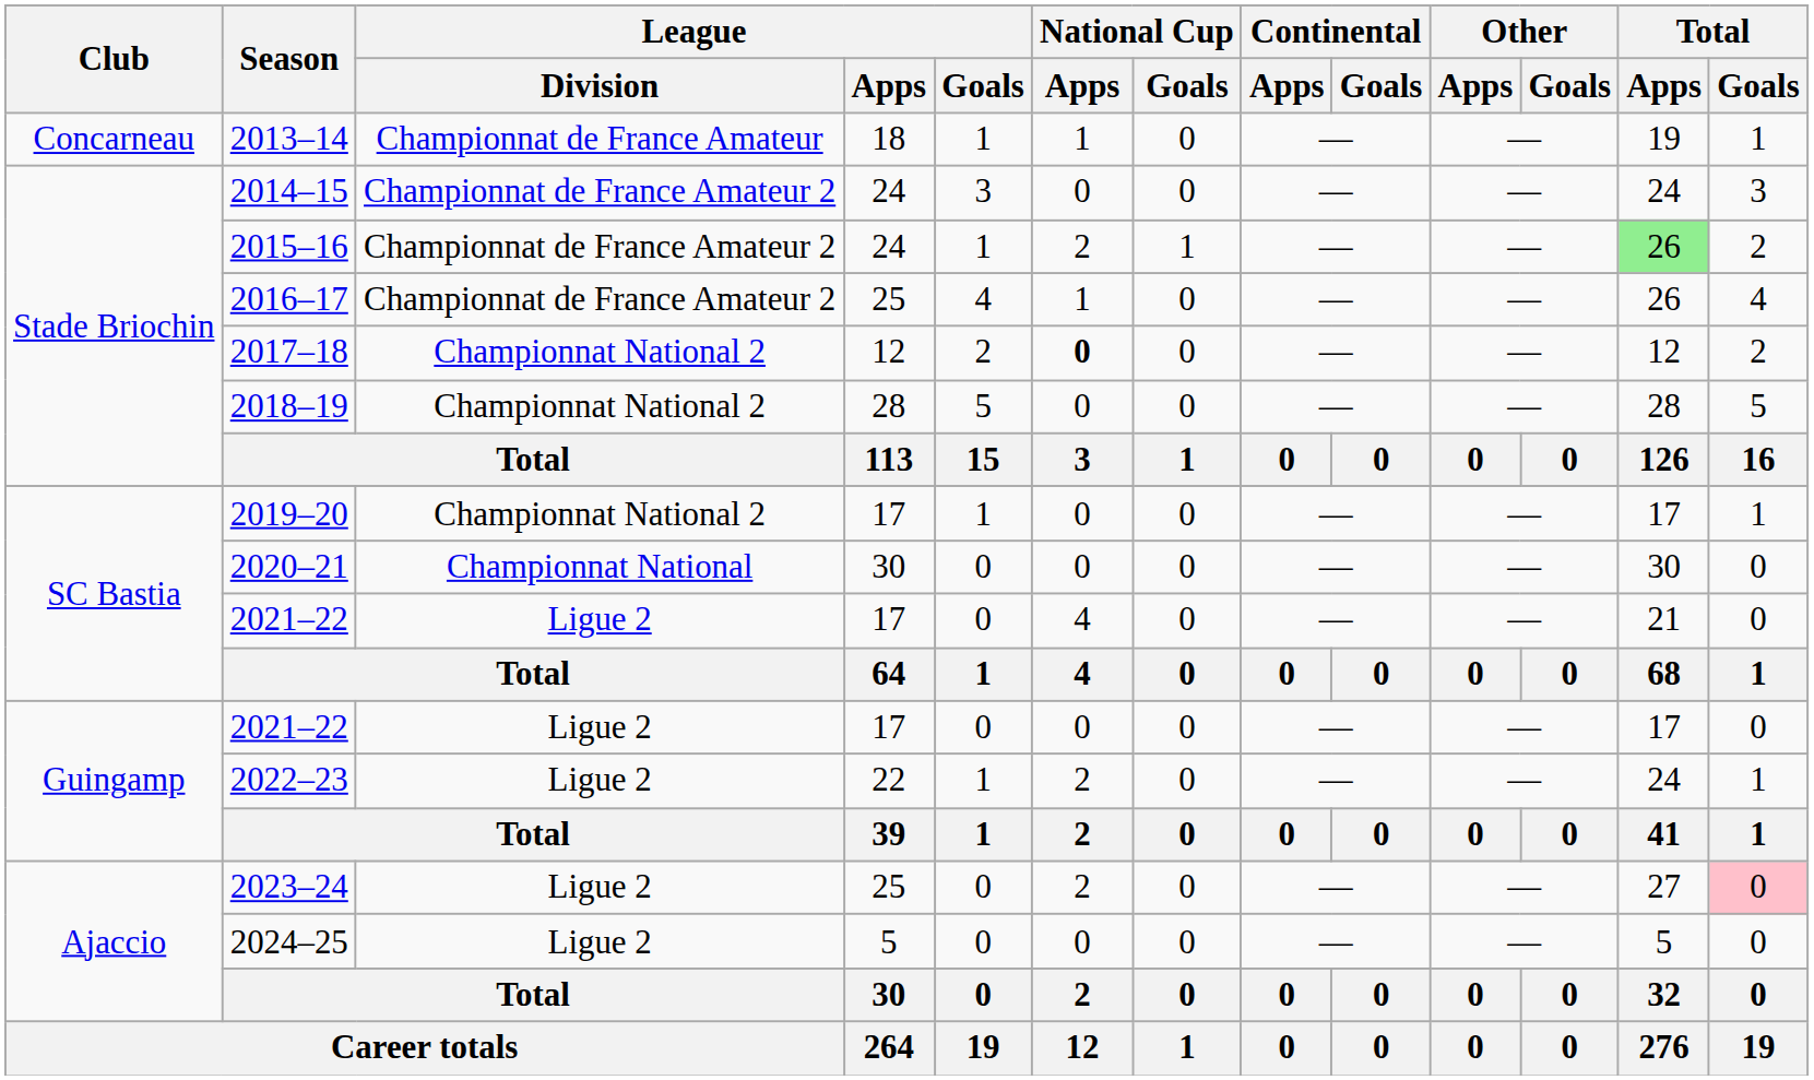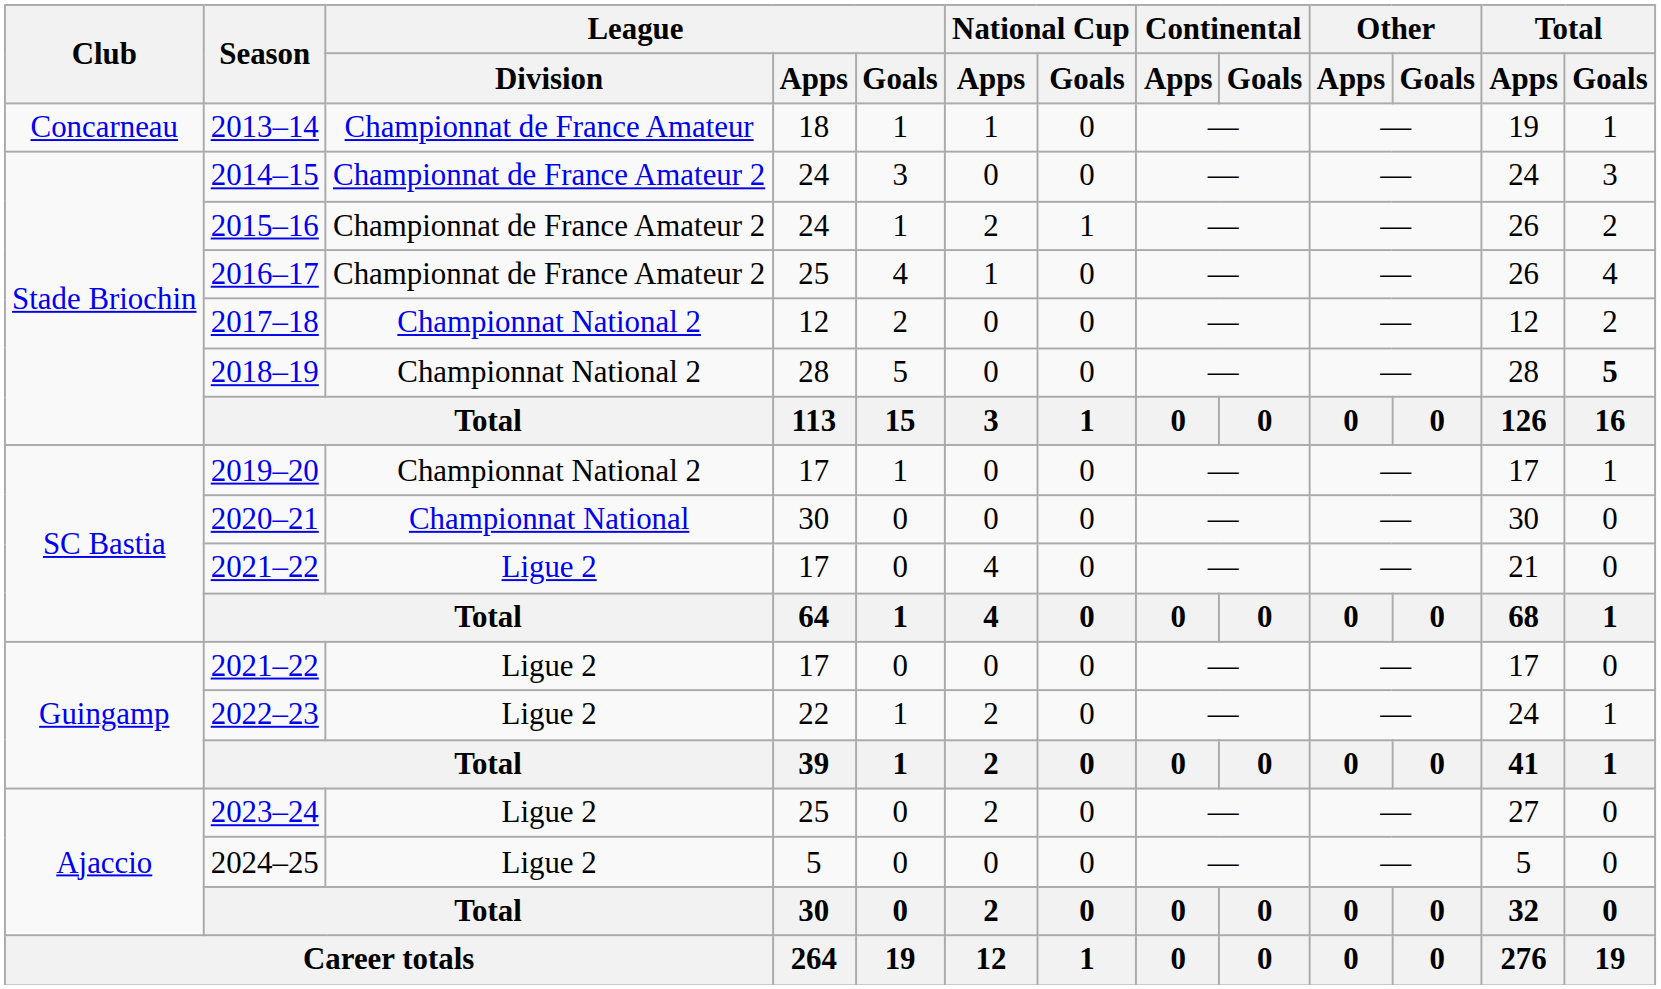 <table class="wikitable" style="text-align:center">
 <tr>
 <th rowspan="2">Club</th>
 <th rowspan="2">Season</th>
 <th colspan="3">League</th>
 <th colspan="2">National Cup</th>
 <th colspan="2">Continental</th>
 <th colspan="2">Other</th>
 <th colspan="2">Total</th>
 </tr>
 <tr>
 <th>Division</th>
 <th>Apps</th>
 <th>Goals</th>
 <th>Apps</th>
 <th>Goals</th>
 <th>Apps</th>
 <th>Goals</th>
 <th>Apps</th>
 <th>Goals</th>
 <th>Apps</th>
 <th>Goals</th>
 </tr>
 <tr>
 <td><a href='#'>Concarneau</a></td>
 <td><a href='#'>2013–14</a></td>
 <td><a href='#'>Championnat de France Amateur</a></td>
 <td>18</td>
 <td>1</td>
 <td>1</td>
 <td>0</td>
 <td colspan="2">—</td>
 <td colspan="2">—</td>
 <td>19</td>
 <td>1</td>
 </tr>
 <tr>
 <td rowspan="6"><a href='#'>Stade Briochin</a></td>
 <td><a href='#'>2014–15</a></td>
 <td><a href='#'>Championnat de France Amateur 2</a></td>
 <td>24</td>
 <td>3</td>
 <td>0</td>
 <td>0</td>
 <td colspan="2">—</td>
 <td colspan="2">—</td>
 <td>24</td>
 <td>3</td>
 </tr>
 <tr>
 <td><a href='#'>2015–16</a></td>
 <td>Championnat de France Amateur 2</td>
 <td>24</td>
 <td>1</td>
 <td>2</td>
 <td>1</td>
 <td colspan="2">—</td>
 <td colspan="2">—</td>
-<td style="background: lightgreen;">26</td>
+<td>26</td>
 <td>2</td>
 </tr>
 <tr>
 <td><a href='#'>2016–17</a></td>
 <td>Championnat de France Amateur 2</td>
 <td>25</td>
 <td>4</td>
 <td>1</td>
 <td>0</td>
 <td colspan="2">—</td>
 <td colspan="2">—</td>
 <td>26</td>
 <td>4</td>
 </tr>
 <tr>
 <td><a href='#'>2017–18</a></td>
 <td><a href='#'>Championnat National 2</a></td>
 <td>12</td>
 <td>2</td>
-<td><strong>0</strong></td>
+<td>0</td>
 <td>0</td>
 <td colspan="2">—</td>
 <td colspan="2">—</td>
 <td>12</td>
 <td>2</td>
 </tr>
 <tr>
 <td><a href='#'>2018–19</a></td>
 <td>Championnat National 2</td>
 <td>28</td>
 <td>5</td>
 <td>0</td>
 <td>0</td>
 <td colspan="2">—</td>
 <td colspan="2">—</td>
 <td>28</td>
-<td>5</td>
+<td><strong>5</strong></td>
 </tr>
 <tr>
 <th colspan="2">Total</th>
 <th>113</th>
 <th>15</th>
 <th>3</th>
 <th>1</th>
 <th>0</th>
 <th>0</th>
 <th>0</th>
 <th>0</th>
 <th>126</th>
 <th>16</th>
 </tr>
 <tr>
 <td rowspan="4"><a href='#'>SC Bastia</a></td>
 <td><a href='#'>2019–20</a></td>
 <td>Championnat National 2</td>
 <td>17</td>
 <td>1</td>
 <td>0</td>
 <td>0</td>
 <td colspan="2">—</td>
 <td colspan="2">—</td>
 <td>17</td>
 <td>1</td>
 </tr>
 <tr>
 <td><a href='#'>2020–21</a></td>
 <td><a href='#'>Championnat National</a></td>
 <td>30</td>
 <td>0</td>
 <td>0</td>
 <td>0</td>
 <td colspan="2">—</td>
 <td colspan="2">—</td>
 <td>30</td>
 <td>0</td>
 </tr>
 <tr>
 <td><a href='#'>2021–22</a></td>
 <td><a href='#'>Ligue 2</a></td>
 <td>17</td>
 <td>0</td>
 <td>4</td>
 <td>0</td>
 <td colspan="2">—</td>
 <td colspan="2">—</td>
 <td>21</td>
 <td>0</td>
 </tr>
 <tr>
 <th colspan="2">Total</th>
 <th>64</th>
 <th>1</th>
 <th>4</th>
 <th>0</th>
 <th>0</th>
 <th>0</th>
 <th>0</th>
 <th>0</th>
 <th>68</th>
 <th>1</th>
 </tr>
 <tr>
 <td rowspan="3"><a href='#'>Guingamp</a></td>
 <td><a href='#'>2021–22</a></td>
 <td>Ligue 2</td>
 <td>17</td>
 <td>0</td>
 <td>0</td>
 <td>0</td>
 <td colspan="2">—</td>
 <td colspan="2">—</td>
 <td>17</td>
 <td>0</td>
 </tr>
 <tr>
 <td><a href='#'>2022–23</a></td>
 <td>Ligue 2</td>
 <td>22</td>
 <td>1</td>
 <td>2</td>
 <td>0</td>
 <td colspan="2">—</td>
 <td colspan="2">—</td>
 <td>24</td>
 <td>1</td>
 </tr>
 <tr>
 <th colspan="2">Total</th>
 <th>39</th>
 <th>1</th>
 <th>2</th>
 <th>0</th>
 <th>0</th>
 <th>0</th>
 <th>0</th>
 <th>0</th>
 <th>41</th>
 <th>1</th>
 </tr>
 <tr>
 <td rowspan="3"><a href='#'>Ajaccio</a></td>
 <td><a href='#'>2023–24</a></td>
 <td>Ligue 2</td>
 <td>25</td>
 <td>0</td>
 <td>2</td>
 <td>0</td>
 <td colspan="2">—</td>
 <td colspan="2">—</td>
 <td>27</td>
-<td style="background: pink;">0</td>
+<td>0</td>
 </tr>
 <tr>
 <td>2024–25</td>
 <td>Ligue 2</td>
 <td>5</td>
 <td>0</td>
 <td>0</td>
 <td>0</td>
 <td colspan="2">—</td>
 <td colspan="2">—</td>
 <td>5</td>
 <td>0</td>
 </tr>
 <tr>
 <th colspan="2">Total</th>
 <th>30</th>
 <th>0</th>
 <th>2</th>
 <th>0</th>
 <th>0</th>
 <th>0</th>
 <th>0</th>
 <th>0</th>
 <th>32</th>
 <th>0</th>
 </tr>
 <tr>
 <th colspan="3">Career totals</th>
 <th>264</th>
 <th>19</th>
 <th>12</th>
 <th>1</th>
 <th>0</th>
 <th>0</th>
 <th>0</th>
 <th>0</th>
 <th>276</th>
 <th>19</th>
 </tr>
 </table>
